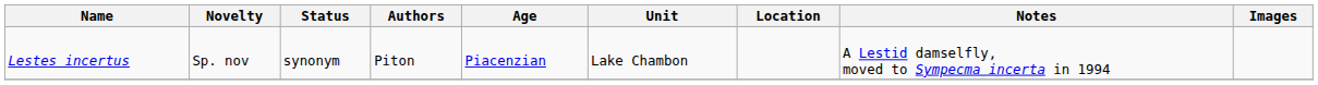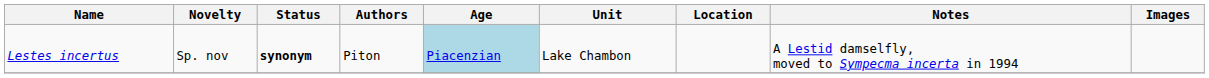 <table class="wikitable sortable" align="center" width="100%">
 <tr>
 <th>Name</th>
 <th>Novelty</th>
 <th>Status</th>
 <th>Authors</th>
 <th>Age</th>
 <th>Unit</th>
 <th>Location</th>
 <th>Notes</th>
 <th>Images</th>
 </tr>
 <tr>
 <td><br><em><a href='#'>Lestes incertus</a></em></td>
 <td><br>Sp. nov</td>
-<td><br>synonym</td>
+<td><strong><br>synonym</strong></td>
 <td><br>Piton</td>
-<td><br><a href='#'>Piacenzian</a></td>
+<td style="background: lightblue;"><br><a href='#'>Piacenzian</a></td>
 <td><br>Lake Chambon</td>
 <td><br></td>
 <td><br>A <a href='#'>Lestid</a> damselfly, <br>moved to <em><a href='#'>Sympecma incerta</a></em> in 1994</td>
 <td><br></td>
 </tr>
 <tr>
 </tr>
 </table>
